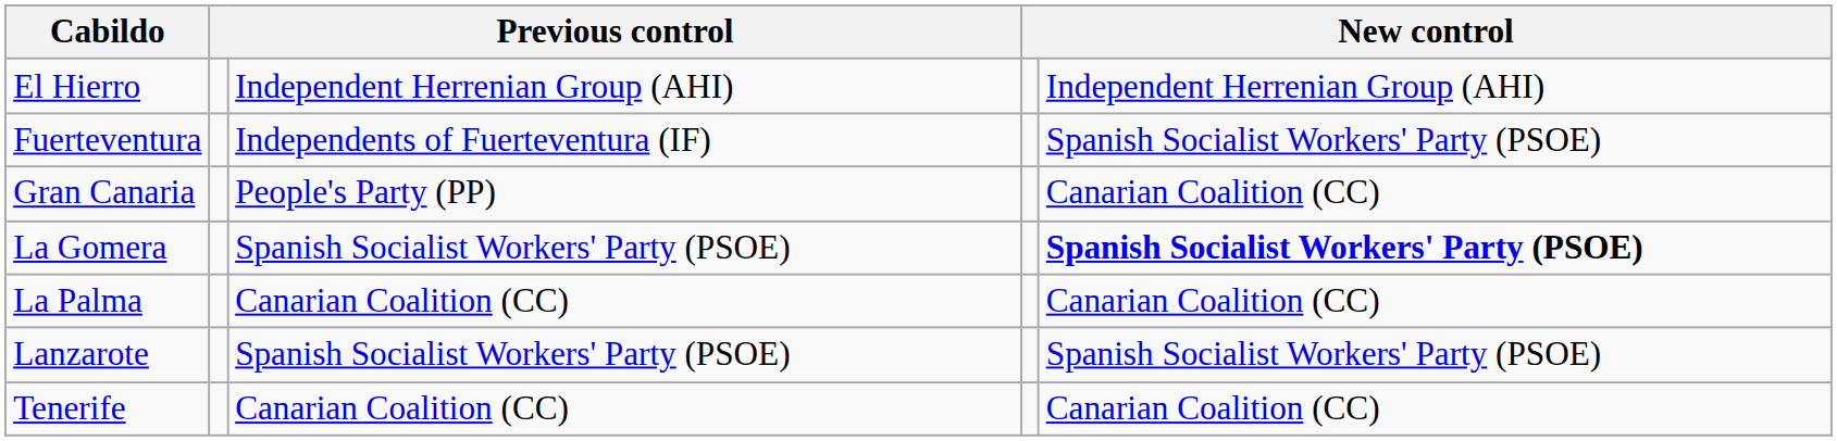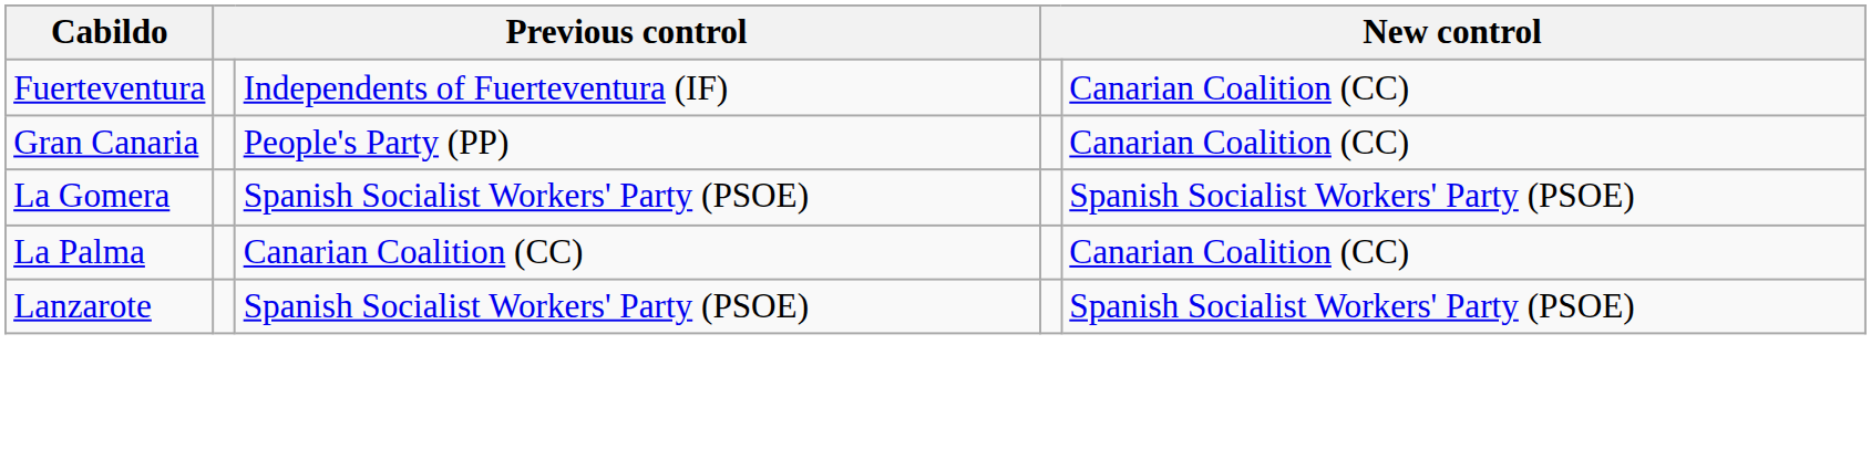 <table class="wikitable sortable">
 <tr>
 <th>Cabildo</th>
 <th colspan="2" style="width:375px;">Previous control</th>
 <th colspan="2" style="width:375px;">New control</th>
 </tr>
 <tr>
-<td><a href='#'>El Hierro</a></td>
-<td width="1" style="color:inherit;background:"></td>
-<td><a href='#'>Independent Herrenian Group</a> (AHI)</td>
-<td width="1" style="color:inherit;background:"></td>
-<td><a href='#'>Independent Herrenian Group</a> (AHI)</td>
-</tr>
-<tr>
 <td><a href='#'>Fuerteventura</a></td>
 <td style="color:inherit;background:"></td>
 <td><a href='#'>Independents of Fuerteventura</a> (IF)</td>
 <td style="color:inherit;background:"></td>
-<td><a href='#'>Spanish Socialist Workers' Party</a> (PSOE)</td>
+<td><a href='#'>Canarian Coalition</a> (CC)</td>
 </tr>
 <tr>
 <td><a href='#'>Gran Canaria</a></td>
 <td style="color:inherit;background:"></td>
 <td><a href='#'>People's Party</a> (PP)</td>
 <td style="color:inherit;background:"></td>
 <td><a href='#'>Canarian Coalition</a> (CC)</td>
 </tr>
 <tr>
 <td><a href='#'>La Gomera</a></td>
 <td style="color:inherit;background:"></td>
 <td><a href='#'>Spanish Socialist Workers' Party</a> (PSOE)</td>
 <td style="color:inherit;background:"></td>
-<td><strong><a href='#'>Spanish Socialist Workers' Party</a> (PSOE)</strong></td>
+<td><a href='#'>Spanish Socialist Workers' Party</a> (PSOE)</td>
 </tr>
 <tr>
 <td><a href='#'>La Palma</a></td>
 <td style="color:inherit;background:"></td>
 <td><a href='#'>Canarian Coalition</a> (CC)</td>
 <td style="color:inherit;background:"></td>
 <td><a href='#'>Canarian Coalition</a> (CC)</td>
 </tr>
 <tr>
 <td><a href='#'>Lanzarote</a></td>
 <td style="color:inherit;background:"></td>
 <td><a href='#'>Spanish Socialist Workers' Party</a> (PSOE)</td>
 <td style="color:inherit;background:"></td>
 <td><a href='#'>Spanish Socialist Workers' Party</a> (PSOE)</td>
 </tr>
-<tr>
-<td><a href='#'>Tenerife</a></td>
-<td style="color:inherit;background:"></td>
-<td><a href='#'>Canarian Coalition</a> (CC)</td>
-<td style="color:inherit;background:"></td>
-<td><a href='#'>Canarian Coalition</a> (CC)</td>
-</tr>
 </table>
